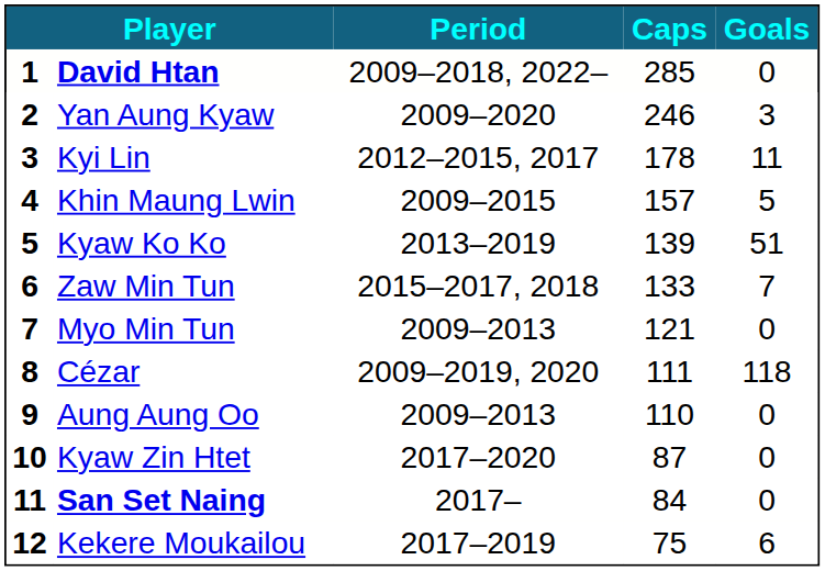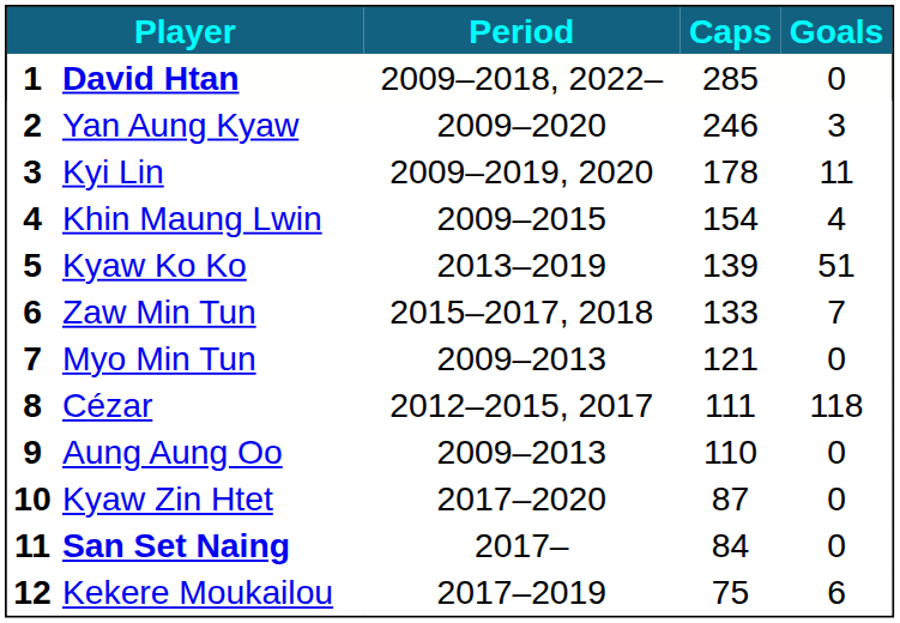 <table cellpadding="2" cellspacing="0" style="margin: 1em 0; border: 1px solid #000000; border-right-width: 1px; border-bottom-width: 1px; background-color:#FFFFFD; width:64%; font-size: 95%;">
 <tr style="background:white;">
 </tr>
 <tr style="background:#126180; color:#00FFFF;">
 <th colspan=2 align="center">Player</th>
 <th align="center">Period</th>
 <th align="center">Caps</th>
 <th align="center">Goals</th>
 </tr>
 <tr>
 <th>1</th>
 <td> <strong><a href='#'>David Htan</a></strong></td>
 <td align="center">2009–2018, 2022–</td>
 <td align="center">285</td>
 <td align="center">0</td>
 </tr>
 <tr style="background:white;"|>
 <th>2</th>
 <td> <a href='#'>Yan Aung Kyaw</a></td>
 <td align="center">2009–2020</td>
 <td align="center">246</td>
 <td align="center">3</td>
 </tr>
 <tr style="background:white;"|>
 <th>3</th>
 <td> <a href='#'>Kyi Lin</a></td>
-<td align="center">2012–2015, 2017</td>
+<td align="center">2009–2019, 2020</td>
 <td align="center">178</td>
 <td align="center">11</td>
 </tr>
 <tr style="background:white;"|>
 <th>4</th>
 <td> <a href='#'>Khin Maung Lwin</a></td>
 <td align="center">2009–2015</td>
-<td align="center">157</td>
-<td align="center">5</td>
+<td align="center">154</td>
+<td align="center">4</td>
 </tr>
 <tr style="background:white;"|>
 <th>5</th>
 <td> <a href='#'>Kyaw Ko Ko</a></td>
 <td align="center">2013–2019</td>
 <td align="center">139</td>
 <td align="center">51</td>
 </tr>
 <tr style="background:white;"|>
 <th>6</th>
 <td> <a href='#'>Zaw Min Tun</a></td>
 <td align="center">2015–2017, 2018</td>
 <td align="center">133</td>
 <td align="center">7</td>
 </tr>
 <tr style="background:white;"|>
 <th>7</th>
 <td> <a href='#'>Myo Min Tun</a></td>
 <td align="center">2009–2013</td>
 <td align="center">121</td>
 <td align="center">0</td>
 </tr>
 <tr style="background:white;"|>
 <th>8</th>
 <td> <a href='#'>Cézar</a></td>
-<td align="center">2009–2019, 2020</td>
+<td align="center">2012–2015, 2017</td>
 <td align="center">111</td>
 <td align="center">118</td>
 </tr>
 <tr style="background:white;"|>
 <th>9</th>
 <td> <a href='#'>Aung Aung Oo</a></td>
 <td align="center">2009–2013</td>
 <td align="center">110</td>
 <td align="center">0</td>
 </tr>
 <tr style="background:white;"|>
 <th>10</th>
 <td> <a href='#'>Kyaw Zin Htet</a></td>
 <td align="center">2017–2020</td>
 <td align="center">87</td>
 <td align="center">0</td>
 </tr>
 <tr style="background:white;"|>
 <th>11</th>
 <td> <strong><a href='#'>San Set Naing</a></strong></td>
 <td align="center">2017–</td>
 <td align="center">84</td>
 <td align="center">0</td>
 </tr>
 <tr style="background:white;"|>
 <th>12</th>
 <td> <a href='#'>Kekere Moukailou</a></td>
 <td align="center">2017–2019</td>
 <td align="center">75</td>
 <td align="center">6</td>
 </tr>
 <tr style="background:white;"|>
 </tr>
 </table>
